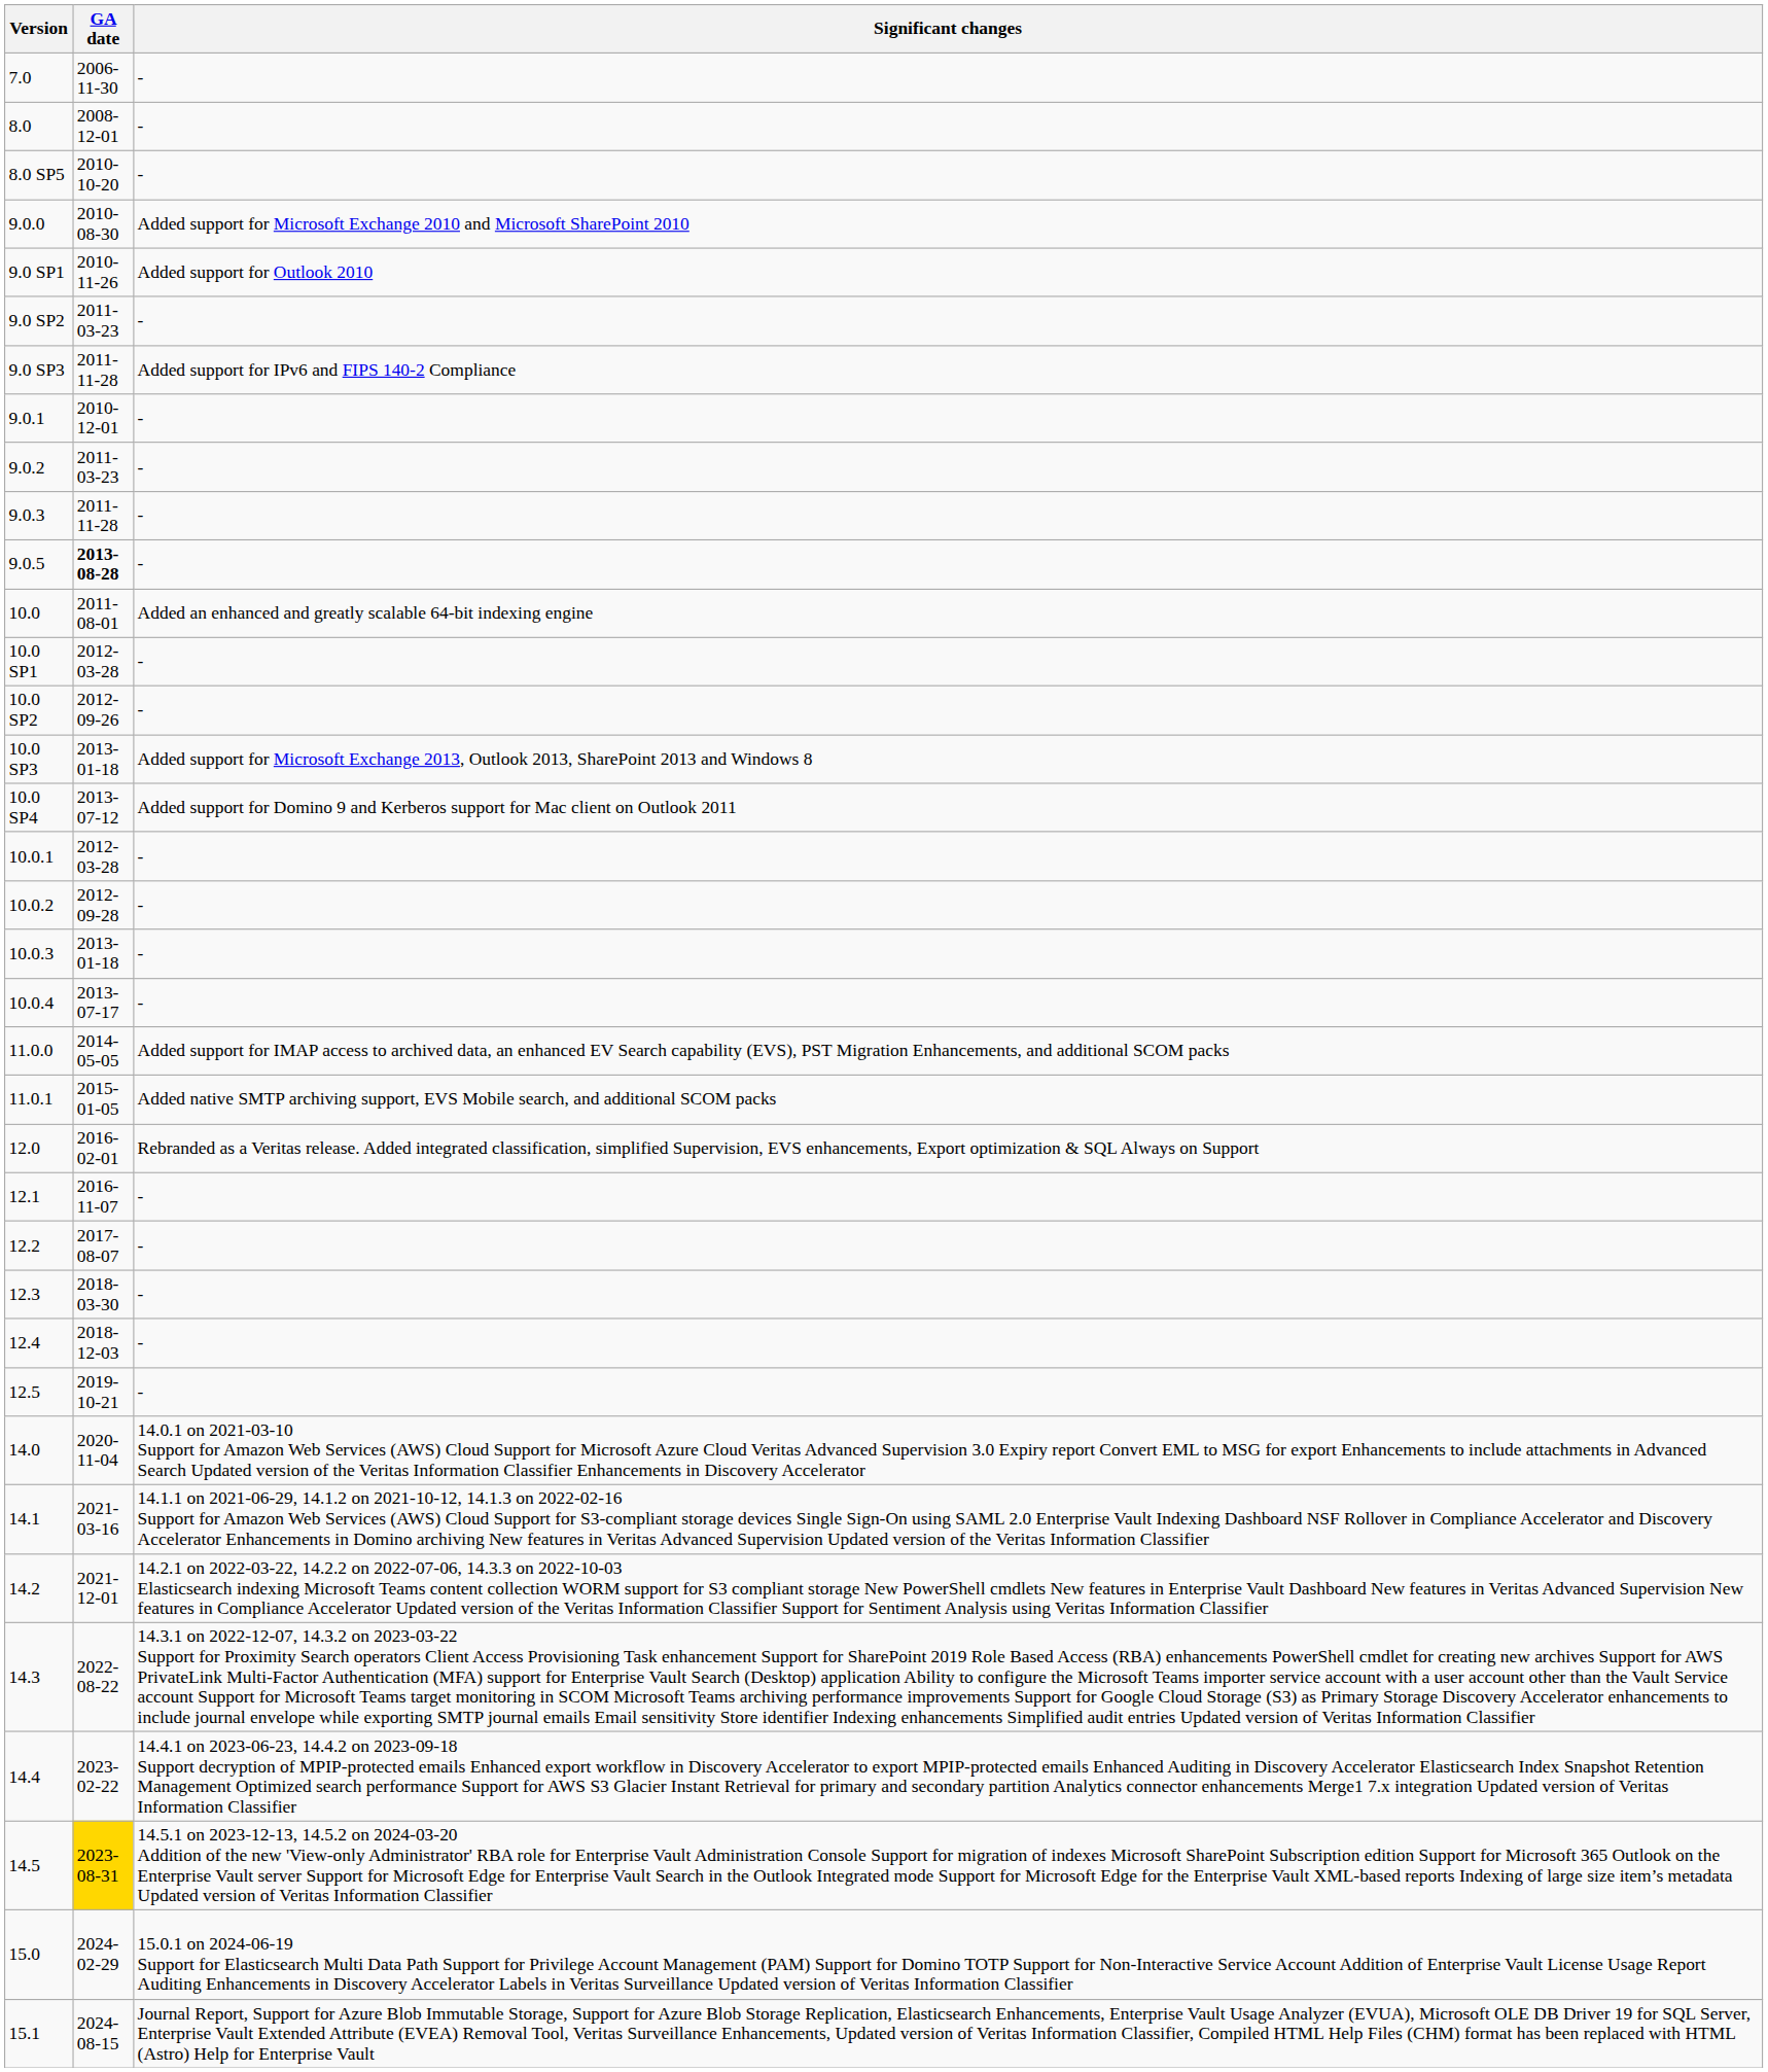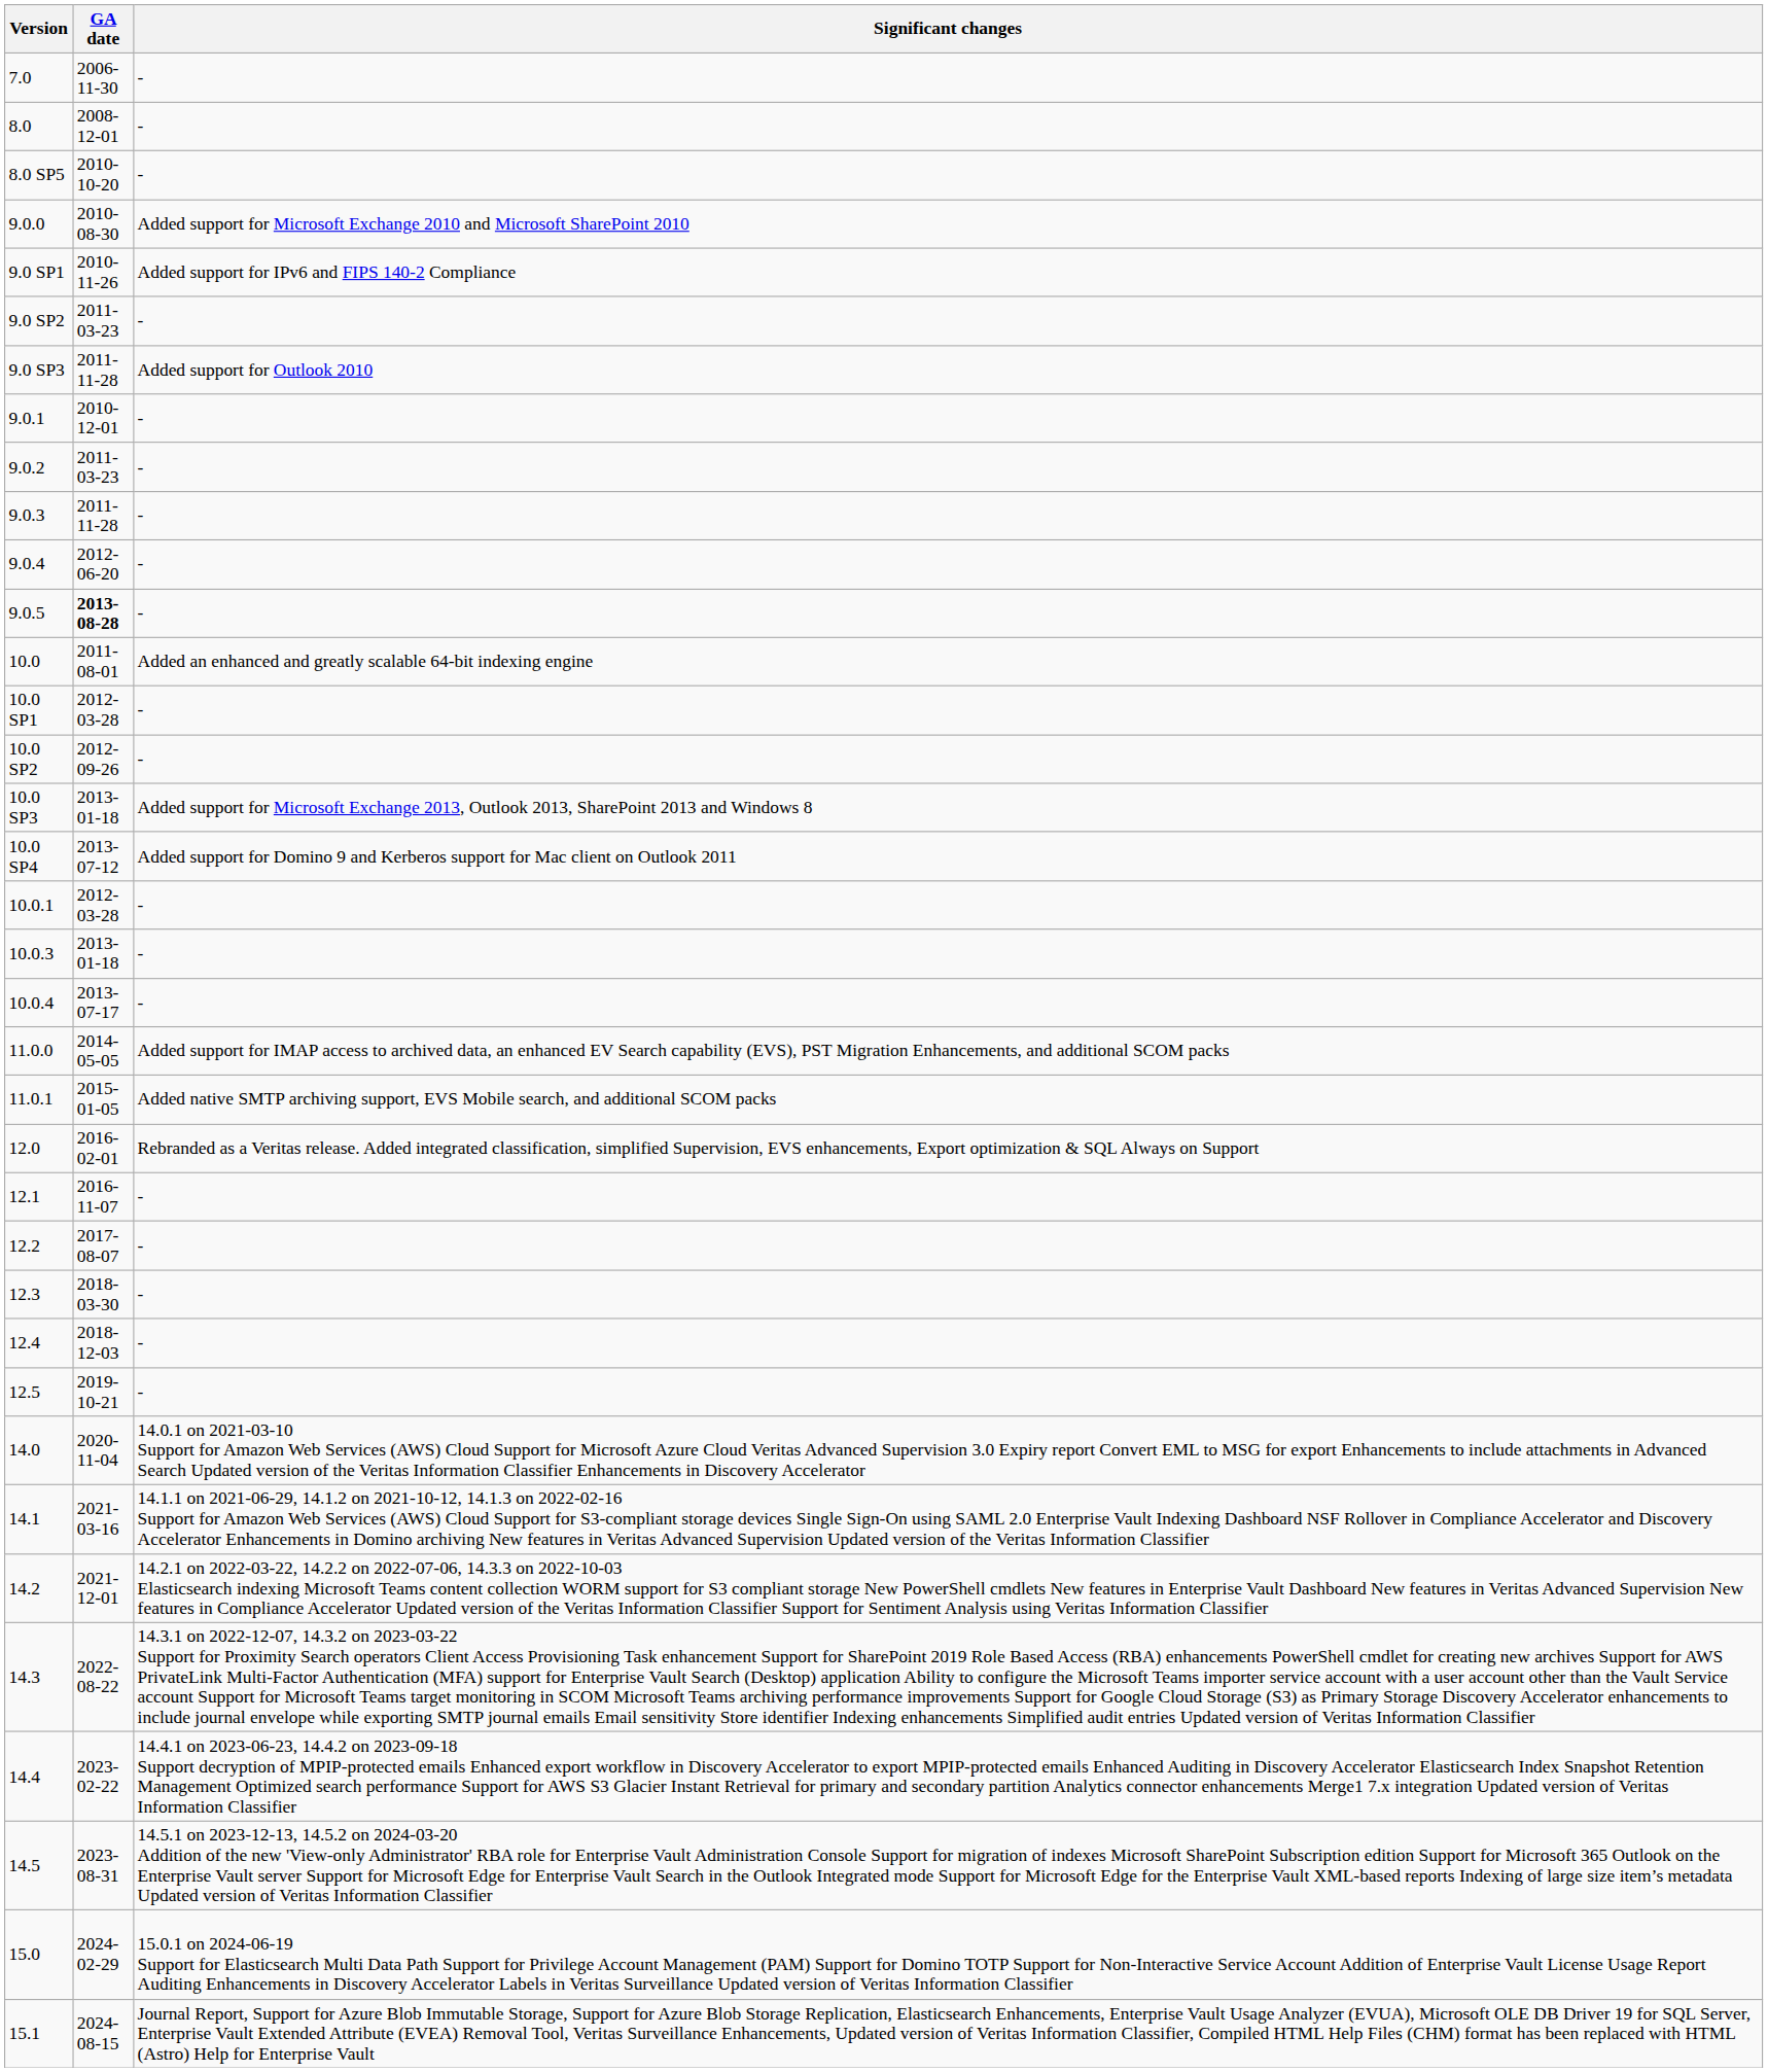 <table class="wikitable sortable">
 <tr>
 <th>Version</th>
 <th><a href='#'>GA</a> date</th>
 <th>Significant changes</th>
 </tr>
 <tr>
 <td>7.0</td>
 <td>2006-11-30</td>
 <td>-</td>
 </tr>
 <tr>
 <td>8.0</td>
 <td>2008-12-01</td>
 <td>-</td>
 </tr>
 <tr>
 <td>8.0 SP5</td>
 <td>2010-10-20</td>
 <td>-</td>
 </tr>
 <tr>
 <td>9.0.0</td>
 <td>2010-08-30</td>
 <td>Added support for <a href='#'>Microsoft Exchange 2010</a> and <a href='#'>Microsoft SharePoint 2010</a></td>
 </tr>
 <tr>
 <td>9.0 SP1</td>
 <td>2010-11-26</td>
-<td>Added support for <a href='#'>Outlook 2010</a></td>
+<td>Added support for IPv6 and <a href='#'>FIPS 140-2</a> Compliance</td>
 </tr>
 <tr>
 <td>9.0 SP2</td>
 <td>2011-03-23</td>
 <td>-</td>
 </tr>
 <tr>
 <td>9.0 SP3</td>
 <td>2011-11-28</td>
-<td>Added support for IPv6 and <a href='#'>FIPS 140-2</a> Compliance</td>
+<td>Added support for <a href='#'>Outlook 2010</a></td>
 </tr>
 <tr>
 <td>9.0.1</td>
 <td>2010-12-01</td>
 <td>-</td>
 </tr>
 <tr>
 <td>9.0.2</td>
 <td>2011-03-23</td>
 <td>-</td>
 </tr>
 <tr>
 <td>9.0.3</td>
 <td>2011-11-28</td>
+<td>-</td>
+</tr>
+<tr>
+<td>9.0.4</td>
+<td>2012-06-20</td>
 <td>-</td>
 </tr>
 <tr>
 <td>9.0.5</td>
 <td><strong>2013-08-28</strong></td>
 <td>-</td>
 </tr>
 <tr>
 <td>10.0</td>
 <td>2011-08-01</td>
 <td>Added an enhanced and greatly scalable 64-bit indexing engine</td>
 </tr>
 <tr>
 <td>10.0 SP1</td>
 <td>2012-03-28</td>
 <td>-</td>
 </tr>
 <tr>
 <td>10.0 SP2</td>
 <td>2012-09-26</td>
 <td>-</td>
 </tr>
 <tr>
 <td>10.0 SP3</td>
 <td>2013-01-18</td>
 <td>Added support for <a href='#'>Microsoft Exchange 2013</a>, Outlook 2013, SharePoint 2013 and Windows 8</td>
 </tr>
 <tr>
 <td>10.0 SP4</td>
 <td>2013-07-12</td>
 <td>Added support for Domino 9 and Kerberos support for Mac client on Outlook 2011</td>
 </tr>
 <tr>
 <td>10.0.1</td>
 <td>2012-03-28</td>
-<td>-</td>
-</tr>
-<tr>
-<td>10.0.2</td>
-<td>2012-09-28</td>
 <td>-</td>
 </tr>
 <tr>
 <td>10.0.3</td>
 <td>2013-01-18</td>
 <td>-</td>
 </tr>
 <tr>
 <td>10.0.4</td>
 <td>2013-07-17</td>
 <td>-</td>
 </tr>
 <tr>
 <td>11.0.0</td>
 <td>2014-05-05</td>
 <td>Added support for IMAP access to archived data, an enhanced EV Search capability (EVS), PST Migration Enhancements, and additional SCOM packs</td>
 </tr>
 <tr>
 <td>11.0.1</td>
 <td>2015-01-05</td>
 <td>Added native SMTP archiving support, EVS Mobile search, and additional SCOM packs</td>
 </tr>
 <tr>
 <td>12.0</td>
 <td>2016-02-01</td>
 <td>Rebranded as a Veritas release. Added integrated classification, simplified Supervision, EVS enhancements, Export optimization & SQL Always on Support</td>
 </tr>
 <tr>
 <td>12.1</td>
 <td>2016-11-07</td>
 <td>-</td>
 </tr>
 <tr>
 <td>12.2</td>
 <td>2017-08-07</td>
 <td>-</td>
 </tr>
 <tr>
 <td>12.3</td>
 <td>2018-03-30</td>
 <td>-</td>
 </tr>
 <tr>
 <td>12.4</td>
 <td>2018-12-03</td>
 <td>-</td>
 </tr>
 <tr>
 <td>12.5</td>
 <td>2019-10-21</td>
 <td>-</td>
 </tr>
 <tr>
 <td>14.0</td>
 <td>2020-11-04</td>
 <td>14.0.1 on 2021-03-10<br>Support for Amazon Web Services (AWS) Cloud Support for Microsoft Azure Cloud Veritas Advanced Supervision 3.0 Expiry report Convert EML to MSG for export Enhancements to include attachments in Advanced Search Updated version of the Veritas Information Classifier Enhancements in Discovery Accelerator</td>
 </tr>
 <tr>
 <td>14.1</td>
 <td>2021-03-16</td>
 <td>14.1.1 on 2021-06-29, 14.1.2 on 2021-10-12, 14.1.3 on 2022-02-16<br>Support for Amazon Web Services (AWS) Cloud Support for S3-compliant storage devices Single Sign-On using SAML 2.0 Enterprise Vault Indexing Dashboard NSF Rollover in Compliance Accelerator and Discovery Accelerator Enhancements in Domino archiving New features in Veritas Advanced Supervision Updated version of the Veritas Information Classifier</td>
 </tr>
 <tr>
 <td>14.2</td>
 <td>2021-12-01</td>
 <td>14.2.1 on 2022-03-22, 14.2.2 on 2022-07-06, 14.3.3 on 2022-10-03<br>Elasticsearch indexing Microsoft Teams content collection WORM support for S3 compliant storage New PowerShell cmdlets New features in Enterprise Vault Dashboard New features in Veritas Advanced Supervision New features in Compliance Accelerator Updated version of the Veritas Information Classifier Support for Sentiment Analysis using Veritas Information Classifier</td>
 </tr>
 <tr>
 <td>14.3</td>
 <td>2022-08-22</td>
 <td>14.3.1 on 2022-12-07, 14.3.2 on 2023-03-22<br>Support for Proximity Search operators Client Access Provisioning Task enhancement Support for SharePoint 2019 Role Based Access (RBA) enhancements PowerShell cmdlet for creating new archives Support for AWS PrivateLink Multi-Factor Authentication (MFA) support for Enterprise Vault Search (Desktop) application Ability to configure the Microsoft Teams importer service account with a user account other than the Vault Service account Support for Microsoft Teams target monitoring in SCOM Microsoft Teams archiving performance improvements Support for Google Cloud Storage (S3) as Primary Storage Discovery Accelerator enhancements to include journal envelope while exporting SMTP journal emails Email sensitivity Store identifier Indexing enhancements Simplified audit entries Updated version of Veritas Information Classifier</td>
 </tr>
 <tr>
 <td>14.4</td>
 <td>2023-02-22</td>
 <td>14.4.1 on 2023-06-23, 14.4.2 on 2023-09-18<br>Support decryption of MPIP-protected emails Enhanced export workflow in Discovery Accelerator to export MPIP-protected emails Enhanced Auditing in Discovery Accelerator Elasticsearch Index Snapshot Retention Management Optimized search performance Support for AWS S3 Glacier Instant Retrieval for primary and secondary partition Analytics connector enhancements Merge1 7.x integration Updated version of Veritas Information Classifier</td>
 </tr>
 <tr>
 <td>14.5</td>
-<td style="background: gold;">2023-08-31</td>
+<td>2023-08-31</td>
 <td>14.5.1 on 2023-12-13, 14.5.2 on 2024-03-20<br>Addition of the new 'View-only Administrator' RBA role for Enterprise Vault Administration Console Support for migration of indexes Microsoft SharePoint Subscription edition Support for Microsoft 365 Outlook on the Enterprise Vault server Support for Microsoft Edge for Enterprise Vault Search in the Outlook Integrated mode Support for Microsoft Edge for the Enterprise Vault XML-based reports Indexing of large size item’s metadata Updated version of Veritas Information Classifier</td>
 </tr>
 <tr>
 <td>15.0</td>
 <td>2024-02-29</td>
 <td><br>15.0.1 on 2024-06-19<br>Support for Elasticsearch Multi Data Path Support for Privilege Account Management (PAM) Support for Domino TOTP Support for Non-Interactive Service Account Addition of Enterprise Vault License Usage Report Auditing Enhancements in Discovery Accelerator Labels in Veritas Surveillance Updated version of Veritas Information Classifier</td>
 </tr>
 <tr>
 <td>15.1</td>
 <td>2024-08-15</td>
 <td>Journal Report, Support for Azure Blob Immutable Storage, Support for Azure Blob Storage Replication, Elasticsearch Enhancements, Enterprise Vault Usage Analyzer (EVUA), Microsoft OLE DB Driver 19 for SQL Server, Enterprise Vault Extended Attribute (EVEA) Removal Tool, Veritas Surveillance Enhancements, Updated version of Veritas Information Classifier, Compiled HTML Help Files (CHM) format has been replaced with HTML (Astro) Help for Enterprise Vault</td>
 </tr>
 </table>
